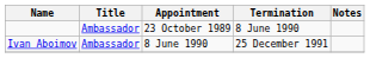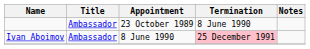 <table class="wikitable">
 <tr valign="middle">
 <th>Name</th>
 <th>Title</th>
 <th>Appointment</th>
 <th>Termination</th>
 <th>Notes</th>
 </tr>
 <tr>
 <td></td>
 <td><a href='#'>Ambassador</a></td>
 <td>23 October 1989</td>
 <td>8 June 1990</td>
 <td></td>
 </tr>
 <tr>
 <td><a href='#'>Ivan Aboimov</a></td>
 <td><a href='#'>Ambassador</a></td>
 <td>8 June 1990</td>
-<td>25 December 1991</td>
+<td style="background: pink;">25 December 1991</td>
 <td></td>
 </tr>
 <tr>
 </tr>
 </table>
